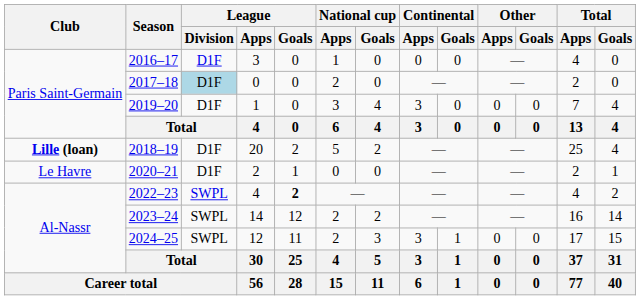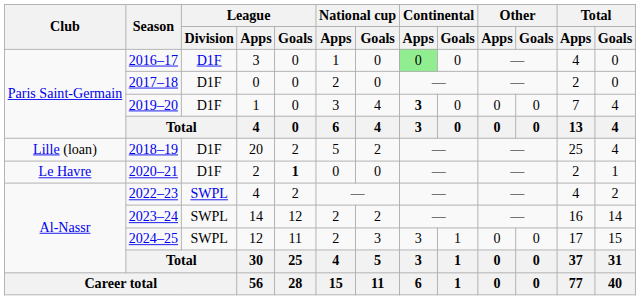 <table class="wikitable" Style="text-align: center">
 <tr>
 <th rowspan="2">Club</th>
 <th rowspan="2">Season</th>
 <th colspan="3">League</th>
 <th colspan="2">National cup</th>
 <th colspan="2">Continental</th>
 <th colspan="2">Other</th>
 <th colspan="2">Total</th>
 </tr>
 <tr>
 <th>Division</th>
 <th>Apps</th>
 <th>Goals</th>
 <th>Apps</th>
 <th>Goals</th>
 <th>Apps</th>
 <th>Goals</th>
 <th>Apps</th>
 <th>Goals</th>
 <th>Apps</th>
 <th>Goals</th>
 </tr>
 <tr>
 <td rowspan="4"><a href='#'>Paris Saint-Germain</a></td>
 <td><a href='#'>2016–17</a></td>
 <td><a href='#'>D1F</a></td>
 <td>3</td>
 <td>0</td>
 <td>1</td>
 <td>0</td>
-<td>0</td>
+<td style="background: lightgreen;">0</td>
 <td>0</td>
 <td colspan="2">—</td>
 <td>4</td>
 <td>0</td>
 </tr>
 <tr>
 <td><a href='#'>2017–18</a></td>
-<td style="background: lightblue;">D1F</td>
+<td>D1F</td>
 <td>0</td>
 <td>0</td>
 <td>2</td>
 <td>0</td>
 <td colspan="2">—</td>
 <td colspan="2">—</td>
 <td>2</td>
 <td>0</td>
 </tr>
 <tr>
 <td><a href='#'>2019–20</a></td>
 <td>D1F</td>
 <td>1</td>
 <td>0</td>
 <td>3</td>
 <td>4</td>
-<td>3</td>
+<td><strong>3</strong></td>
 <td>0</td>
 <td>0</td>
 <td>0</td>
 <td>7</td>
 <td>4</td>
 </tr>
 <tr>
 <th colspan="2">Total</th>
 <th>4</th>
 <th>0</th>
 <th>6</th>
 <th>4</th>
 <th>3</th>
 <th>0</th>
 <th>0</th>
 <th>0</th>
 <th>13</th>
 <th>4</th>
 </tr>
 <tr>
-<td><strong><a href='#'>Lille</a> (loan)</strong></td>
+<td><a href='#'>Lille</a> (loan)</td>
 <td><a href='#'>2018–19</a></td>
 <td>D1F</td>
 <td>20</td>
 <td>2</td>
 <td>5</td>
 <td>2</td>
 <td colspan="2">—</td>
 <td colspan="2">—</td>
 <td>25</td>
 <td>4</td>
 </tr>
 <tr>
 <td><a href='#'>Le Havre</a></td>
 <td><a href='#'>2020–21</a></td>
 <td>D1F</td>
 <td>2</td>
-<td>1</td>
+<td><strong>1</strong></td>
 <td>0</td>
 <td>0</td>
 <td colspan="2">—</td>
 <td colspan="2">—</td>
 <td>2</td>
 <td>1</td>
 </tr>
 <tr>
 <td rowspan="4"><a href='#'>Al-Nassr</a></td>
 <td><a href='#'>2022–23</a></td>
 <td><a href='#'>SWPL</a></td>
 <td>4</td>
-<td><strong>2</strong></td>
+<td>2</td>
 <td colspan="2">—</td>
 <td colspan="2">—</td>
 <td colspan="2">—</td>
 <td>4</td>
 <td>2</td>
 </tr>
 <tr>
 <td><a href='#'>2023–24</a></td>
 <td>SWPL</td>
 <td>14</td>
 <td>12</td>
 <td>2</td>
 <td>2</td>
 <td colspan="2">—</td>
 <td colspan="2">—</td>
 <td>16</td>
 <td>14</td>
 </tr>
 <tr>
 <td><a href='#'>2024–25</a></td>
 <td>SWPL</td>
 <td>12</td>
 <td>11</td>
 <td>2</td>
 <td>3</td>
 <td>3</td>
 <td>1</td>
 <td>0</td>
 <td>0</td>
 <td>17</td>
 <td>15</td>
 </tr>
 <tr>
 <th colspan="2">Total</th>
 <th>30</th>
 <th>25</th>
 <th>4</th>
 <th>5</th>
 <th>3</th>
 <th>1</th>
 <th>0</th>
 <th>0</th>
 <th>37</th>
 <th>31</th>
 </tr>
 <tr>
 <th colspan="3">Career total</th>
 <th>56</th>
 <th>28</th>
 <th>15</th>
 <th>11</th>
 <th>6</th>
 <th>1</th>
 <th>0</th>
 <th>0</th>
 <th>77</th>
 <th>40</th>
 </tr>
 </table>
